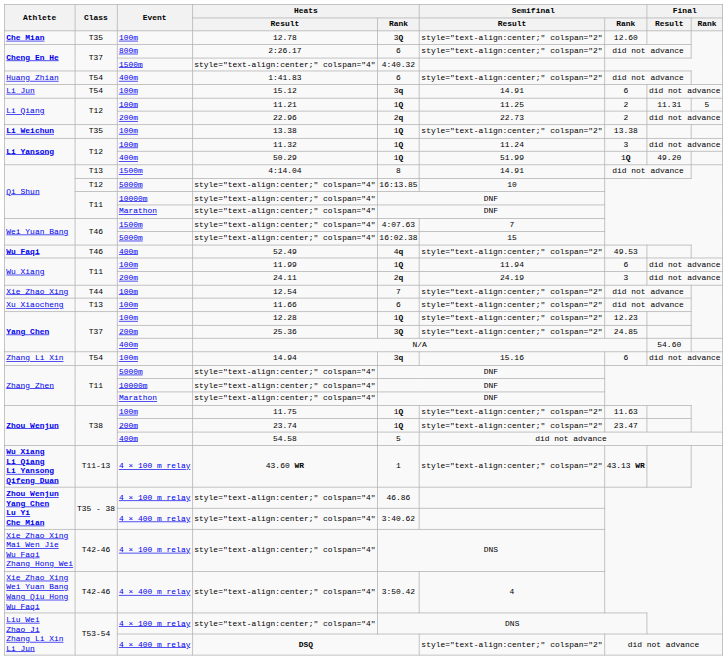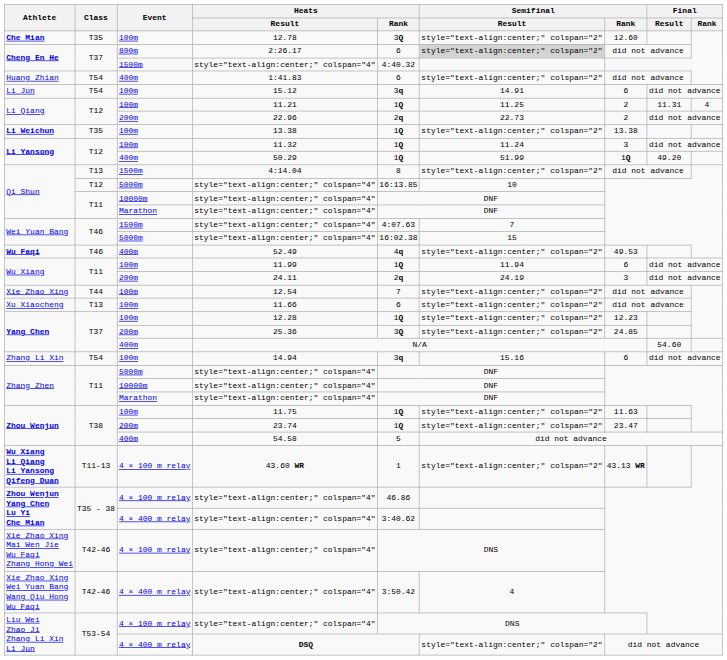 <table class=wikitable style="font-size:90%">
 <tr>
 <th rowspan="2">Athlete</th>
 <th rowspan="2">Class</th>
 <th rowspan="2">Event</th>
 <th colspan="2">Heats</th>
 <th colspan="2">Semifinal</th>
 <th colspan="2">Final</th>
 </tr>
 <tr>
 <th>Result</th>
 <th>Rank</th>
 <th>Result</th>
 <th>Rank</th>
 <th>Result</th>
 <th>Rank</th>
 </tr>
 <tr>
 <td><strong><a href='#'>Che Mian</a></strong></td>
 <td style="text-align:center;">T35</td>
 <td><a href='#'>100m</a></td>
 <td style="text-align:center;">12.78</td>
 <td style="text-align:center;">3<strong>Q</strong></td>
 <td>style="text-align:center;" colspan="2" </td>
 <td style="text-align:center;">12.60</td>
 <td style="text-align:center;"></td>
 </tr>
 <tr>
 <td rowspan="2"><strong><a href='#'>Cheng En He</a></strong></td>
 <td rowspan="2" style="text-align:center;">T37</td>
 <td><a href='#'>800m</a></td>
 <td style="text-align:center;">2:26.17</td>
 <td style="text-align:center;">6</td>
-<td>style="text-align:center;" colspan="2" </td>
+<td style="background: lightgrey;">style="text-align:center;" colspan="2" </td>
 <td style="text-align:center;" colspan="2">did not advance</td>
 </tr>
 <tr>
 <td><a href='#'>1500m</a></td>
 <td>style="text-align:center;" colspan="4" </td>
 <td style="text-align:center;">4:40.32</td>
 <td style="text-align:center;"></td>
 </tr>
 <tr>
 <td><a href='#'>Huang Zhian</a></td>
 <td style="text-align:center;">T54</td>
 <td><a href='#'>400m</a></td>
 <td style="text-align:center;">1:41.83</td>
 <td style="text-align:center;">6</td>
 <td>style="text-align:center;" colspan="2" </td>
 <td style="text-align:center;" colspan="2">did not advance</td>
 </tr>
 <tr>
 <td><a href='#'>Li Jun</a></td>
 <td style="text-align:center;">T54</td>
 <td><a href='#'>100m</a></td>
 <td style="text-align:center;">15.12</td>
 <td style="text-align:center;">3<strong>q</strong></td>
 <td style="text-align:center;">14.91</td>
 <td style="text-align:center;">6</td>
 <td style="text-align:center;" colspan="2">did not advance</td>
 </tr>
 <tr>
 <td rowspan="2"><a href='#'>Li Qiang</a></td>
 <td rowspan="2" style="text-align:center;">T12</td>
 <td><a href='#'>100m</a></td>
 <td style="text-align:center;">11.21</td>
 <td style="text-align:center;">1<strong>Q</strong></td>
 <td style="text-align:center;">11.25</td>
 <td style="text-align:center;">2</td>
 <td style="text-align:center;">11.31</td>
-<td style="text-align:center;">5</td>
+<td style="text-align:center;">4</td>
 </tr>
 <tr>
 <td><a href='#'>200m</a></td>
 <td style="text-align:center;">22.96</td>
 <td style="text-align:center;">2<strong>q</strong></td>
 <td style="text-align:center;">22.73</td>
 <td style="text-align:center;">2</td>
 <td style="text-align:center;" colspan="2">did not advance</td>
 </tr>
 <tr>
 <td><strong><a href='#'>Li Weichun</a></strong></td>
 <td style="text-align:center;">T35</td>
 <td><a href='#'>100m</a></td>
 <td style="text-align:center;">13.38</td>
 <td style="text-align:center;">1<strong>Q</strong></td>
 <td>style="text-align:center;" colspan="2" </td>
 <td style="text-align:center;">13.38</td>
 <td style="text-align:center;"></td>
 </tr>
 <tr>
 <td rowspan="2"><strong><a href='#'>Li Yansong</a></strong></td>
 <td rowspan="2" style="text-align:center;">T12</td>
 <td><a href='#'>100m</a></td>
 <td style="text-align:center;">11.32</td>
 <td style="text-align:center;">1<strong>Q</strong></td>
 <td style="text-align:center;">11.24</td>
 <td style="text-align:center;">3</td>
 <td style="text-align:center;" colspan="2">did not advance</td>
 </tr>
 <tr>
 <td><a href='#'>400m</a></td>
 <td style="text-align:center;">50.29</td>
 <td style="text-align:center;">1<strong>Q</strong></td>
 <td style="text-align:center;">51.99</td>
 <td style="text-align:center;">1<strong>Q</strong></td>
 <td style="text-align:center;">49.20</td>
 <td style="text-align:center;"></td>
 </tr>
 <tr>
 <td rowspan="4"><a href='#'>Qi Shun</a></td>
 <td style="text-align:center;">T13</td>
 <td><a href='#'>1500m</a></td>
 <td style="text-align:center;">4:14.04</td>
 <td style="text-align:center;">8</td>
-<td style="text-align:center;">14.91</td>
+<td>style="text-align:center;" colspan="2" </td>
 <td style="text-align:center;" colspan="2">did not advance</td>
 </tr>
 <tr>
 <td style="text-align:center;">T12</td>
 <td><a href='#'>5000m</a></td>
 <td>style="text-align:center;" colspan="4" </td>
 <td style="text-align:center;">16:13.85</td>
 <td style="text-align:center;">10</td>
 </tr>
 <tr>
 <td rowspan="2" style="text-align:center;">T11</td>
 <td><a href='#'>10000m</a></td>
 <td>style="text-align:center;" colspan="4" </td>
 <td style="text-align:center;" colspan="2">DNF</td>
 </tr>
 <tr>
 <td><a href='#'>Marathon</a></td>
 <td>style="text-align:center;" colspan="4" </td>
 <td style="text-align:center;" colspan="2">DNF</td>
 </tr>
 <tr>
 <td rowspan="2"><a href='#'>Wei Yuan Bang</a></td>
 <td rowspan="2" style="text-align:center;">T46</td>
 <td><a href='#'>1500m</a></td>
 <td>style="text-align:center;" colspan="4" </td>
 <td style="text-align:center;">4:07.63</td>
 <td style="text-align:center;">7</td>
 </tr>
 <tr>
 <td><a href='#'>5000m</a></td>
 <td>style="text-align:center;" colspan="4" </td>
 <td style="text-align:center;">16:02.38</td>
 <td style="text-align:center;">15</td>
 </tr>
 <tr>
 <td><strong><a href='#'>Wu Faqi</a></strong></td>
 <td style="text-align:center;">T46</td>
 <td><a href='#'>400m</a></td>
 <td style="text-align:center;">52.49</td>
 <td style="text-align:center;">4<strong>q</strong></td>
 <td>style="text-align:center;" colspan="2" </td>
 <td style="text-align:center;">49.53</td>
 <td style="text-align:center;"></td>
 </tr>
 <tr>
 <td rowspan="2"><a href='#'>Wu Xiang</a></td>
 <td rowspan="2" style="text-align:center;">T11</td>
 <td><a href='#'>100m</a></td>
 <td style="text-align:center;">11.99</td>
 <td style="text-align:center;">1<strong>Q</strong></td>
 <td style="text-align:center;">11.94</td>
 <td style="text-align:center;">6</td>
 <td style="text-align:center;" colspan="2">did not advance</td>
 </tr>
 <tr>
 <td><a href='#'>200m</a></td>
 <td style="text-align:center;">24.11</td>
 <td style="text-align:center;">2<strong>q</strong></td>
 <td style="text-align:center;">24.19</td>
 <td style="text-align:center;">3</td>
 <td style="text-align:center;" colspan="2">did not advance</td>
 </tr>
 <tr>
 <td><a href='#'>Xie Zhao Xing</a></td>
 <td style="text-align:center;">T44</td>
 <td><a href='#'>100m</a></td>
 <td style="text-align:center;">12.54</td>
 <td style="text-align:center;">7</td>
 <td>style="text-align:center;" colspan="2" </td>
 <td style="text-align:center;" colspan="2">did not advance</td>
 </tr>
 <tr>
 <td><a href='#'>Xu Xiaocheng</a></td>
 <td style="text-align:center;">T13</td>
 <td><a href='#'>100m</a></td>
 <td style="text-align:center;">11.66</td>
 <td style="text-align:center;">6</td>
 <td>style="text-align:center;" colspan="2" </td>
 <td style="text-align:center;" colspan="2">did not advance</td>
 </tr>
 <tr>
 <td rowspan="3"><strong><a href='#'>Yang Chen</a></strong></td>
 <td rowspan="3" style="text-align:center;">T37</td>
 <td><a href='#'>100m</a></td>
 <td style="text-align:center;">12.28</td>
 <td style="text-align:center;">1<strong>Q</strong></td>
 <td>style="text-align:center;" colspan="2" </td>
 <td style="text-align:center;">12.23</td>
 <td style="text-align:center;"></td>
 </tr>
 <tr>
 <td><a href='#'>200m</a></td>
 <td style="text-align:center;">25.36</td>
 <td style="text-align:center;">3<strong>Q</strong></td>
 <td>style="text-align:center;" colspan="2" </td>
 <td style="text-align:center;">24.85</td>
 <td style="text-align:center;"></td>
 </tr>
 <tr>
 <td><a href='#'>400m</a></td>
 <td style="text-align:center;" colspan="4">N/A</td>
 <td style="text-align:center;">54.60</td>
 <td style="text-align:center;"></td>
 </tr>
 <tr>
 <td><a href='#'>Zhang Li Xin</a></td>
 <td style="text-align:center;">T54</td>
 <td><a href='#'>100m</a></td>
 <td style="text-align:center;">14.94</td>
 <td style="text-align:center;">3<strong>q</strong></td>
 <td style="text-align:center;">15.16</td>
 <td style="text-align:center;">6</td>
 <td style="text-align:center;" colspan="2">did not advance</td>
 </tr>
 <tr>
 <td rowspan="3"><a href='#'>Zhang Zhen</a></td>
 <td rowspan="3" style="text-align:center;">T11</td>
 <td><a href='#'>5000m</a></td>
 <td>style="text-align:center;" colspan="4" </td>
 <td style="text-align:center;" colspan="2">DNF</td>
 </tr>
 <tr>
 <td><a href='#'>10000m</a></td>
 <td>style="text-align:center;" colspan="4" </td>
 <td style="text-align:center;" colspan="2">DNF</td>
 </tr>
 <tr>
 <td><a href='#'>Marathon</a></td>
 <td>style="text-align:center;" colspan="4" </td>
 <td style="text-align:center;" colspan="2">DNF</td>
 </tr>
 <tr>
 <td rowspan="3"><strong><a href='#'>Zhou Wenjun</a></strong></td>
 <td rowspan="3" style="text-align:center;">T38</td>
 <td><a href='#'>100m</a></td>
 <td style="text-align:center;">11.75</td>
 <td style="text-align:center;">1<strong>Q</strong></td>
 <td>style="text-align:center;" colspan="2" </td>
 <td style="text-align:center;">11.63</td>
 <td style="text-align:center;"></td>
 </tr>
 <tr>
 <td><a href='#'>200m</a></td>
 <td style="text-align:center;">23.74</td>
 <td style="text-align:center;">1<strong>Q</strong></td>
 <td>style="text-align:center;" colspan="2" </td>
 <td style="text-align:center;">23.47</td>
 <td style="text-align:center;"></td>
 </tr>
 <tr>
 <td><a href='#'>400m</a></td>
 <td style="text-align:center;">54.58</td>
 <td style="text-align:center;">5</td>
 <td style="text-align:center" colspan="4">did not advance</td>
 </tr>
 <tr>
 <td><strong><a href='#'>Wu Xiang</a></strong><br> <strong><a href='#'>Li Qiang</a></strong><br> <strong><a href='#'>Li Yansong</a></strong><br> <strong><a href='#'>Qifeng Duan</a></strong></td>
 <td style="text-align:center;">T11-13</td>
 <td><a href='#'>4 × 100 m relay</a></td>
 <td style="text-align:center;">43.60 <strong>WR</strong></td>
 <td style="text-align:center;">1</td>
 <td>style="text-align:center;" colspan="2" </td>
 <td style="text-align:center;">43.13 <strong>WR</strong></td>
 <td style="text-align:center;"></td>
 </tr>
 <tr>
 <td rowspan="2"><strong><a href='#'>Zhou Wenjun</a></strong><br> <strong><a href='#'>Yang Chen</a></strong><br> <strong><a href='#'>Lu Yi</a></strong><br> <strong><a href='#'>Che Mian</a></strong></td>
 <td rowspan="2" style="text-align:center;">T35 - 38</td>
 <td><a href='#'>4 × 100 m relay</a></td>
 <td>style="text-align:center;" colspan="4" </td>
 <td style="text-align:center;">46.86</td>
 <td style="text-align:center;"></td>
 </tr>
 <tr>
 <td><a href='#'>4 × 400 m relay</a></td>
 <td>style="text-align:center;" colspan="4" </td>
 <td style="text-align:center;">3:40.62</td>
 <td style="text-align:center;"></td>
 </tr>
 <tr>
 <td><a href='#'>Xie Zhao Xing</a><br> <a href='#'>Mai Wen Jie</a><br> <a href='#'>Wu Faqi</a><br> <a href='#'>Zhang Hong Wei</a></td>
 <td style="text-align:center;">T42-46</td>
 <td><a href='#'>4 × 100 m relay</a></td>
 <td>style="text-align:center;" colspan="4" </td>
 <td style="text-align:center;" colspan="2">DNS</td>
 </tr>
 <tr>
 <td><a href='#'>Xie Zhao Xing</a><br> <a href='#'>Wei Yuan Bang</a><br> <a href='#'>Wang Qiu Hong</a><br> <a href='#'>Wu Faqi</a></td>
 <td style="text-align:center;">T42-46</td>
 <td><a href='#'>4 × 400 m relay</a></td>
 <td>style="text-align:center;" colspan="4" </td>
 <td style="text-align:center;">3:50.42</td>
 <td style="text-align:center;">4</td>
 </tr>
 <tr>
 <td rowspan="2"><a href='#'>Liu Wei</a><br> <a href='#'>Zhao Ji</a><br> <a href='#'>Zhang Li Xin</a><br> <a href='#'>Li Jun</a></td>
 <td rowspan="2" style="text-align:center;">T53-54</td>
 <td><a href='#'>4 × 100 m relay</a></td>
 <td>style="text-align:center;" colspan="4" </td>
 <td style="text-align:center;" colspan="3">DNS</td>
 </tr>
 <tr>
 <td><a href='#'>4 × 400 m relay</a></td>
 <td style="text-align:center;" colspan="2"><strong>DSQ</strong></td>
 <td>style="text-align:center;" colspan="2" </td>
 <td style="text-align:center;" colspan="3">did not advance</td>
 </tr>
 </table>
